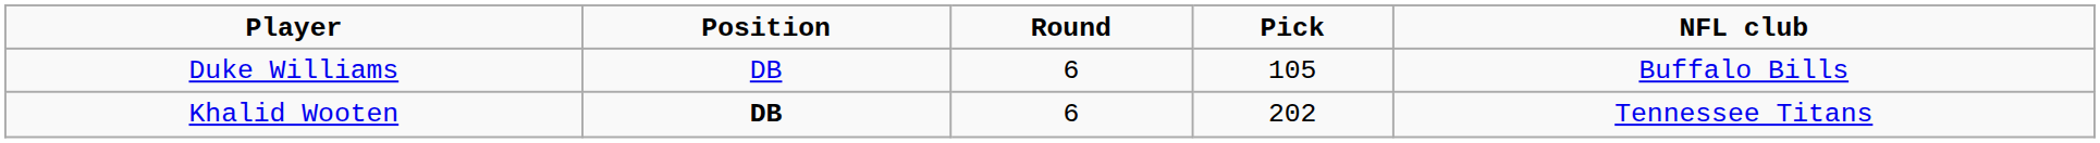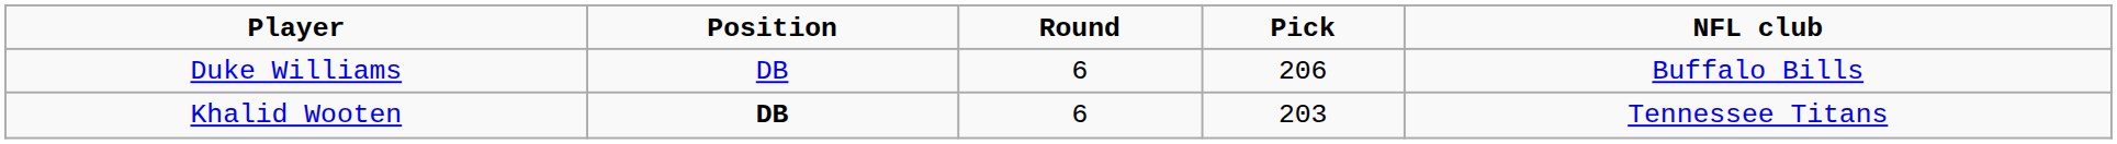 <table class="wikitable" width="80%">
 <tr align="center">
 <td><strong>Player</strong></td>
 <td><strong>Position</strong></td>
 <td><strong>Round</strong></td>
 <td><strong>Pick</strong></td>
 <td><strong>NFL club</strong></td>
 </tr>
 <tr align="center" bgcolor="">
 <td><a href='#'>Duke Williams</a></td>
 <td><a href='#'>DB</a></td>
 <td>6</td>
-<td>105</td>
+<td>206</td>
 <td><a href='#'>Buffalo Bills</a></td>
 </tr>
 <tr align="center" bgcolor="">
 <td><a href='#'>Khalid Wooten</a></td>
 <td><strong>DB</strong></td>
 <td>6</td>
-<td>202</td>
+<td>203</td>
 <td><a href='#'>Tennessee Titans</a></td>
 </tr>
 </table>
